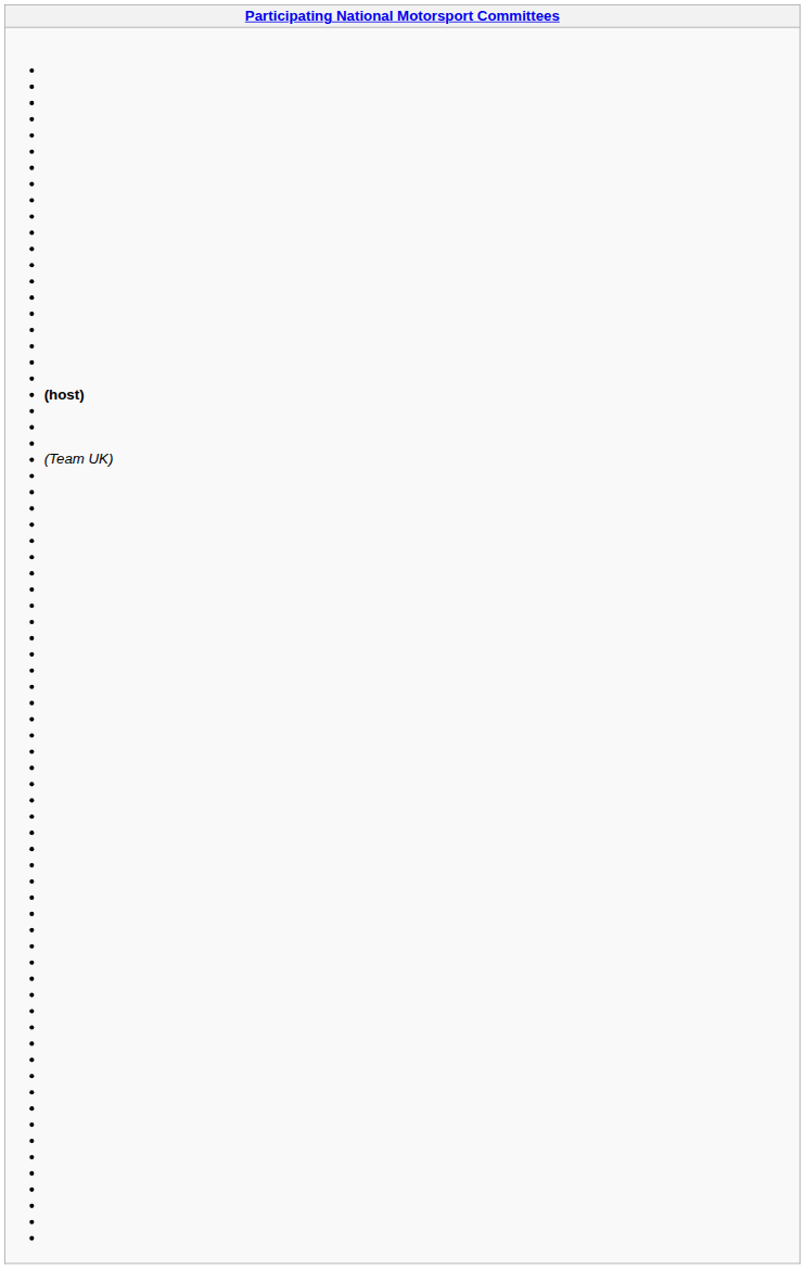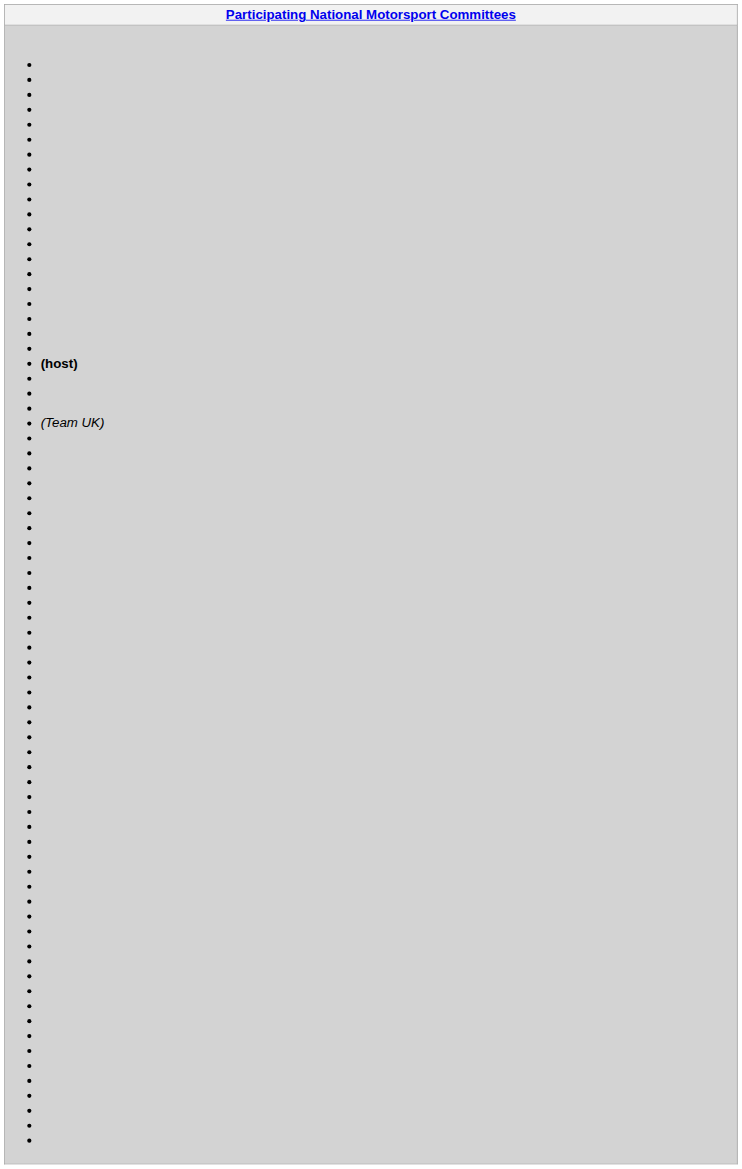 <table class="wikitable mw-collapsible" style="width:100%;">
 <tr>
 <th><a href='#'>Participating National Motorsport Committees</a></th>
 </tr>
 <tr>
-<td><br><ul><li></li><li></li><li></li><li></li><li></li><li></li><li></li><li></li><li></li><li></li><li></li><li></li><li></li><li></li><li></li><li></li><li></li><li></li><li></li><li></li><li> <strong>(host)</strong></li><li></li><li></li><li></li><li> <em>(Team UK)</em></li><li></li><li></li><li></li><li></li><li></li><li></li><li></li><li></li><li></li><li></li><li></li><li></li><li></li><li></li><li></li><li></li><li></li><li></li><li></li><li></li><li></li><li></li><li></li><li></li><li></li><li></li><li></li><li></li><li></li><li></li><li></li><li></li><li></li><li></li><li></li><li></li><li></li><li></li><li></li><li></li><li></li><li></li><li></li><li></li><li></li><li></li><li></li><li></li></ul></td>
+<td style="background: lightgrey;"><br><ul><li></li><li></li><li></li><li></li><li></li><li></li><li></li><li></li><li></li><li></li><li></li><li></li><li></li><li></li><li></li><li></li><li></li><li></li><li></li><li></li><li> <strong>(host)</strong></li><li></li><li></li><li></li><li> <em>(Team UK)</em></li><li></li><li></li><li></li><li></li><li></li><li></li><li></li><li></li><li></li><li></li><li></li><li></li><li></li><li></li><li></li><li></li><li></li><li></li><li></li><li></li><li></li><li></li><li></li><li></li><li></li><li></li><li></li><li></li><li></li><li></li><li></li><li></li><li></li><li></li><li></li><li></li><li></li><li></li><li></li><li></li><li></li><li></li><li></li><li></li><li></li><li></li><li></li><li></li></ul></td>
 </tr>
 </table>
